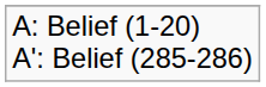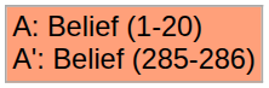 <table class="wikitable">
 <tr>
 </tr>
 <tr>
-<td>A: Belief (1-20)<br>A': Belief (285-286)</td>
+<td style="background: lightsalmon;">A: Belief (1-20)<br>A': Belief (285-286)</td>
 </tr>
 </table>
